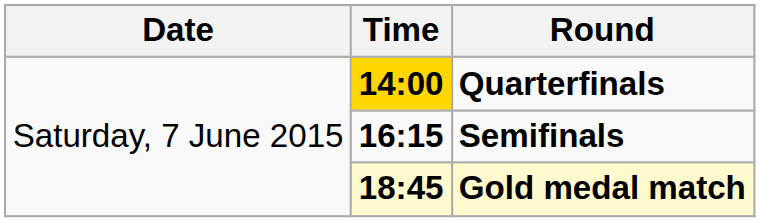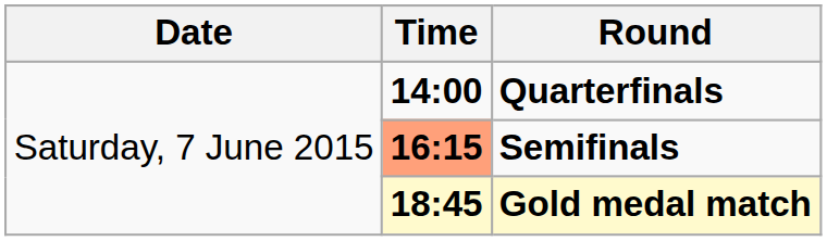 <table class="wikitable">
 <tr>
 <th>Date</th>
 <th>Time</th>
 <th>Round</th>
 </tr>
 <tr>
 <td rowspan="5">Saturday, 7 June 2015</td>
-<td style="background: gold;"><strong>14:00</strong></td>
+<td><strong>14:00</strong></td>
 <td><strong>Quarterfinals</strong></td>
 </tr>
 <tr>
-<td><strong>16:15</strong></td>
+<td style="background: lightsalmon;"><strong>16:15</strong></td>
 <td><strong>Semifinals</strong></td>
 </tr>
 <tr style="background:lemonchiffon;">
 <td><strong>18:45</strong></td>
 <td><strong>Gold medal match</strong></td>
 </tr>
 </table>
